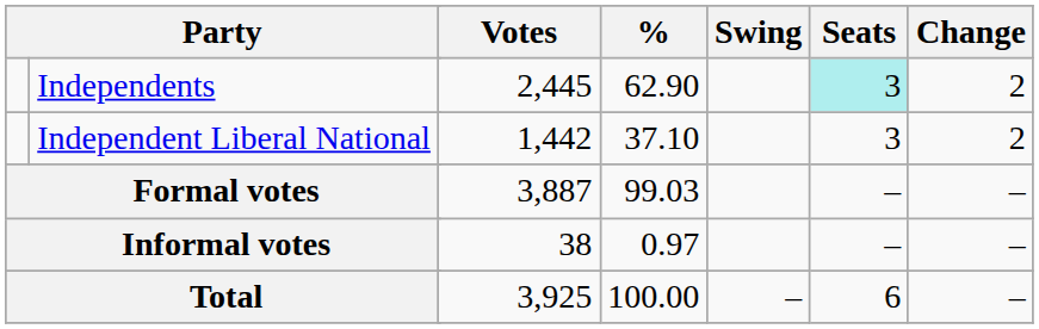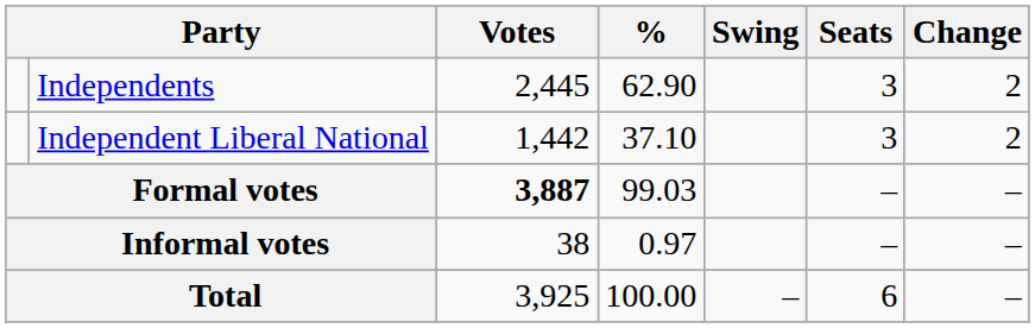 <table class="wikitable" style="text-align:right; margin-bottom:0">
 <tr>
 <th style="width:10px" colspan=3>Party</th>
 <th style="width:70px;">Votes</th>
 <th style="width:40px;">%</th>
 <th style="width:40px;">Swing</th>
 <th style="width:40px;">Seats</th>
 <th style="width:40px;">Change</th>
 </tr>
 <tr>
 <td> </td>
 <td style="text-align:left;" colspan="2"><a href='#'>Independents</a></td>
 <td>2,445</td>
 <td>62.90</td>
 <td></td>
-<td style="background: paleturquoise;">3</td>
+<td>3</td>
 <td> 2</td>
 </tr>
 <tr>
 <td> </td>
 <td style="text-align:left;" colspan="2"><a href='#'>Independent Liberal National</a></td>
 <td>1,442</td>
 <td>37.10</td>
 <td></td>
 <td>3</td>
 <td> 2</td>
 </tr>
 <tr>
 <th colspan="3" rowspan="1"> Formal votes</th>
-<td>3,887</td>
+<td><strong>3,887</strong></td>
 <td>99.03</td>
 <td></td>
 <td>–</td>
 <td>–</td>
 </tr>
 <tr>
 <th colspan="3" rowspan="1"> Informal votes</th>
 <td>38</td>
 <td>0.97</td>
 <td></td>
 <td>–</td>
 <td>–</td>
 </tr>
 <tr>
 <th colspan="3" rowspan="1"> Total</th>
 <td>3,925</td>
 <td>100.00</td>
 <td>–</td>
 <td>6</td>
 <td>–</td>
 </tr>
 </table>
